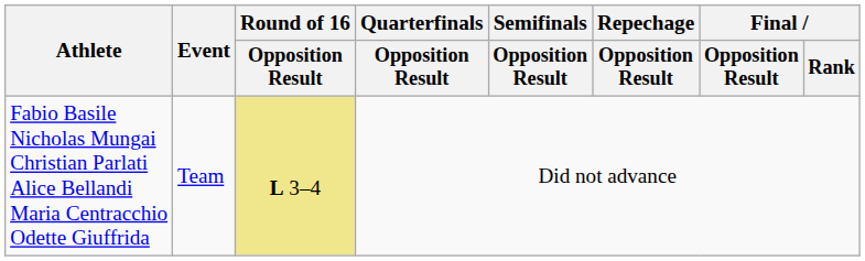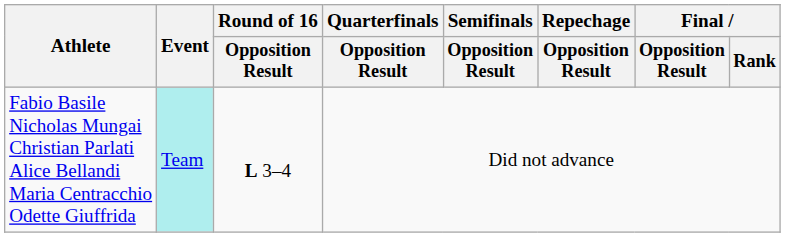 <table class="wikitable" style="font-size:90%">
 <tr>
 <th rowspan="2">Athlete</th>
 <th rowspan="2">Event</th>
 <th>Round of 16</th>
 <th>Quarterfinals</th>
 <th>Semifinals</th>
 <th>Repechage</th>
 <th colspan=2>Final / </th>
 </tr>
 <tr style="font-size:95%">
 <th>Opposition<br>Result</th>
 <th>Opposition<br>Result</th>
 <th>Opposition<br>Result</th>
 <th>Opposition<br>Result</th>
 <th>Opposition<br>Result</th>
 <th>Rank</th>
 </tr>
 <tr align=center>
 <td align=left><a href='#'>Fabio Basile</a><br><a href='#'>Nicholas Mungai</a><br><a href='#'>Christian Parlati</a><br><a href='#'>Alice Bellandi</a><br><a href='#'>Maria Centracchio</a><br><a href='#'>Odette Giuffrida</a></td>
-<td align=left><a href='#'>Team</a></td>
-<td style="background: khaki;"><br><strong>L</strong> 3–4</td>
+<td align=left style="background: paleturquoise;"><a href='#'>Team</a></td>
+<td><br><strong>L</strong> 3–4</td>
 <td colspan=5>Did not advance</td>
 </tr>
 </table>
